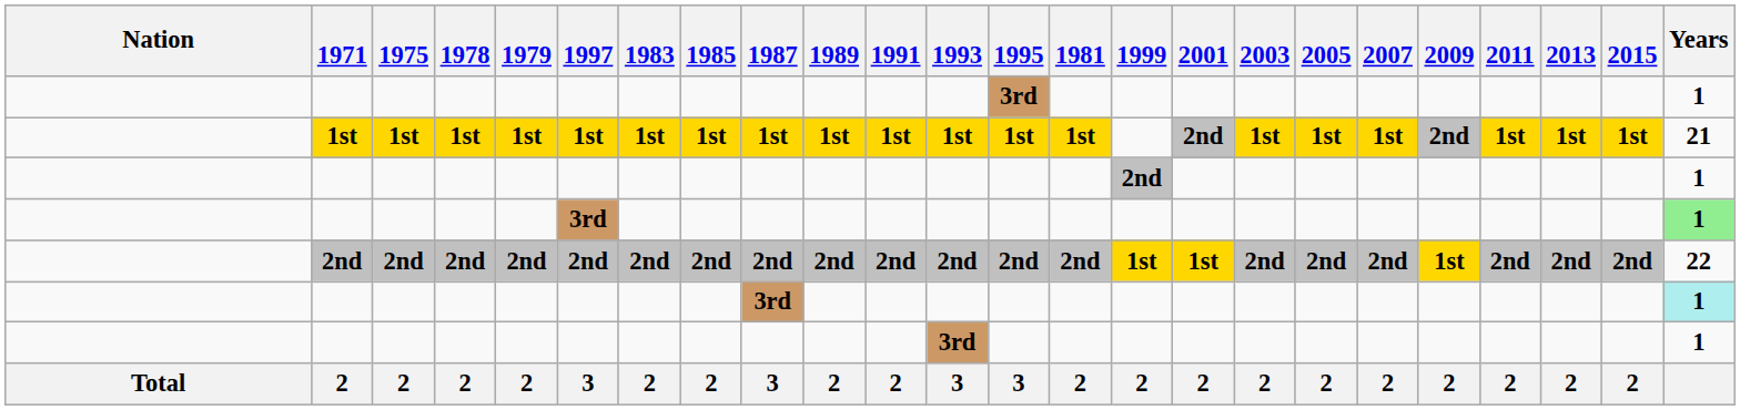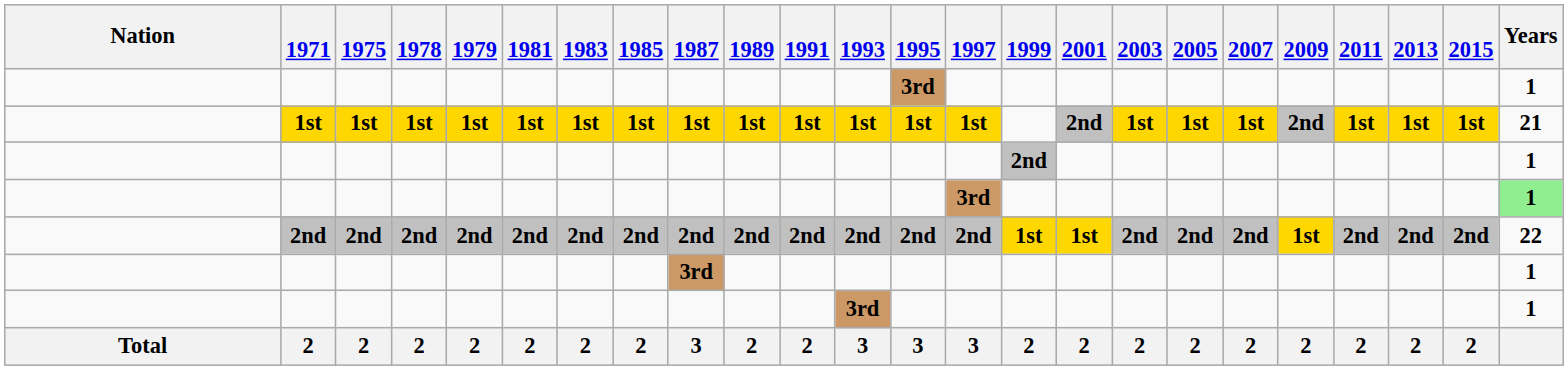 <table class="wikitable" style="text-align:center; font-size:90%">
 <tr>
 <th width=170>Nation</th>
 <th><br><a href='#'>1971</a></th>
 <th><br><a href='#'>1975</a></th>
 <th><br><a href='#'>1978</a></th>
 <th><br><a href='#'>1979</a></th>
-<th><br><a href='#'>1997</a></th>
+<th><br><a href='#'>1981</a></th>
 <th><br><a href='#'>1983</a></th>
 <th><br><a href='#'>1985</a></th>
 <th><br><a href='#'>1987</a></th>
 <th><br><a href='#'>1989</a></th>
 <th><br><a href='#'>1991</a></th>
 <th><br><a href='#'>1993</a></th>
 <th><br><a href='#'>1995</a></th>
-<th><br><a href='#'>1981</a></th>
+<th><br><a href='#'>1997</a></th>
 <th><br><a href='#'>1999</a></th>
 <th><br><a href='#'>2001</a></th>
 <th><br><a href='#'>2003</a></th>
 <th><br><a href='#'>2005</a></th>
 <th><br><a href='#'>2007</a></th>
 <th><br><a href='#'>2009</a></th>
 <th><br><a href='#'>2011</a></th>
 <th><br><a href='#'>2013</a></th>
 <th><br><a href='#'>2015</a></th>
 <th>Years</th>
 </tr>
 <tr>
 <td align=left></td>
 <td></td>
 <td></td>
 <td></td>
 <td></td>
 <td></td>
 <td></td>
 <td></td>
 <td></td>
 <td></td>
 <td></td>
 <td></td>
 <td bgcolor=#cc9966><strong>3rd</strong></td>
 <td></td>
 <td></td>
 <td></td>
 <td></td>
 <td></td>
 <td></td>
 <td></td>
 <td></td>
 <td></td>
 <td></td>
 <td><strong>1</strong></td>
 </tr>
 <tr>
 <td align=left></td>
 <td bgcolor=gold><strong>1st</strong></td>
 <td bgcolor=gold><strong>1st</strong></td>
 <td bgcolor=gold><strong>1st</strong></td>
 <td bgcolor=gold><strong>1st</strong></td>
 <td bgcolor=gold><strong>1st</strong></td>
 <td bgcolor=gold><strong>1st</strong></td>
 <td bgcolor=gold><strong>1st</strong></td>
 <td bgcolor=gold><strong>1st</strong></td>
 <td bgcolor=gold><strong>1st</strong></td>
 <td bgcolor=gold><strong>1st</strong></td>
 <td bgcolor=gold><strong>1st</strong></td>
 <td bgcolor=gold><strong>1st</strong></td>
 <td bgcolor=gold><strong>1st</strong></td>
 <td></td>
 <td bgcolor=silver><strong>2nd</strong></td>
 <td bgcolor=gold><strong>1st</strong></td>
 <td bgcolor=gold><strong>1st</strong></td>
 <td bgcolor=gold><strong>1st</strong></td>
 <td bgcolor=silver><strong>2nd</strong></td>
 <td bgcolor=gold><strong>1st</strong></td>
 <td bgcolor=gold><strong>1st</strong></td>
 <td bgcolor=gold><strong>1st</strong></td>
 <td><strong>21</strong></td>
 </tr>
 <tr>
 <td align=left></td>
 <td></td>
 <td></td>
 <td></td>
 <td></td>
 <td></td>
 <td></td>
 <td></td>
 <td></td>
 <td></td>
 <td></td>
 <td></td>
 <td></td>
 <td></td>
 <td bgcolor=silver><strong>2nd</strong></td>
 <td></td>
 <td></td>
 <td></td>
 <td></td>
 <td></td>
 <td></td>
 <td></td>
 <td></td>
 <td><strong>1</strong></td>
 </tr>
 <tr>
 <td align=left></td>
 <td></td>
 <td></td>
 <td></td>
 <td></td>
-<td bgcolor=#cc9966><strong>3rd</strong></td>
 <td></td>
 <td></td>
 <td></td>
 <td></td>
 <td></td>
 <td></td>
 <td></td>
 <td></td>
+<td bgcolor=#cc9966><strong>3rd</strong></td>
 <td></td>
 <td></td>
 <td></td>
 <td></td>
 <td></td>
 <td></td>
 <td></td>
 <td></td>
 <td></td>
 <td style="background: lightgreen;"><strong>1</strong></td>
 </tr>
 <tr>
 <td align=left></td>
 <td bgcolor=silver><strong>2nd</strong></td>
 <td bgcolor=silver><strong>2nd</strong></td>
 <td bgcolor=silver><strong>2nd</strong></td>
 <td bgcolor=silver><strong>2nd</strong></td>
 <td bgcolor=silver><strong>2nd</strong></td>
 <td bgcolor=silver><strong>2nd</strong></td>
 <td bgcolor=silver><strong>2nd</strong></td>
 <td bgcolor=silver><strong>2nd</strong></td>
 <td bgcolor=silver><strong>2nd</strong></td>
 <td bgcolor=silver><strong>2nd</strong></td>
 <td bgcolor=silver><strong>2nd</strong></td>
 <td bgcolor=silver><strong>2nd</strong></td>
 <td bgcolor=silver><strong>2nd</strong></td>
 <td bgcolor=gold><strong>1st</strong></td>
 <td bgcolor=gold><strong>1st</strong></td>
 <td bgcolor=silver><strong>2nd</strong></td>
 <td bgcolor=silver><strong>2nd</strong></td>
 <td bgcolor=silver><strong>2nd</strong></td>
 <td bgcolor=gold><strong>1st</strong></td>
 <td bgcolor=silver><strong>2nd</strong></td>
 <td bgcolor=silver><strong>2nd</strong></td>
 <td bgcolor=silver><strong>2nd</strong></td>
 <td><strong>22</strong></td>
 </tr>
 <tr>
 <td align=left></td>
 <td></td>
 <td></td>
 <td></td>
 <td></td>
 <td></td>
 <td></td>
 <td></td>
 <td bgcolor=#cc9966><strong>3rd</strong></td>
 <td></td>
 <td></td>
 <td></td>
 <td></td>
 <td></td>
 <td></td>
 <td></td>
 <td></td>
 <td></td>
 <td></td>
 <td></td>
 <td></td>
 <td></td>
 <td></td>
-<td style="background: paleturquoise;"><strong>1</strong></td>
+<td><strong>1</strong></td>
 </tr>
 <tr>
 <td align=left></td>
 <td></td>
 <td></td>
 <td></td>
 <td></td>
 <td></td>
 <td></td>
 <td></td>
 <td></td>
 <td></td>
 <td></td>
 <td bgcolor=#cc9966><strong>3rd</strong></td>
 <td></td>
 <td></td>
 <td></td>
 <td></td>
 <td></td>
 <td></td>
 <td></td>
 <td></td>
 <td></td>
 <td></td>
 <td></td>
 <td><strong>1</strong></td>
 </tr>
 <tr>
 <th>Total</th>
 <th>2</th>
 <th>2</th>
 <th>2</th>
 <th>2</th>
-<th>3</th>
+<th>2</th>
 <th>2</th>
 <th>2</th>
 <th>3</th>
 <th>2</th>
 <th>2</th>
 <th>3</th>
 <th>3</th>
-<th>2</th>
+<th>3</th>
 <th>2</th>
 <th>2</th>
 <th>2</th>
 <th>2</th>
 <th>2</th>
 <th>2</th>
 <th>2</th>
 <th>2</th>
 <th>2</th>
 <th></th>
 </tr>
 </table>
